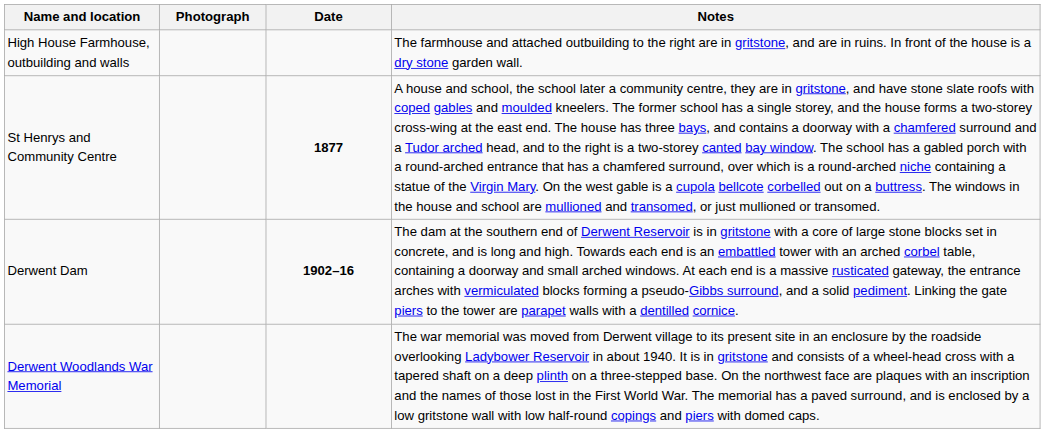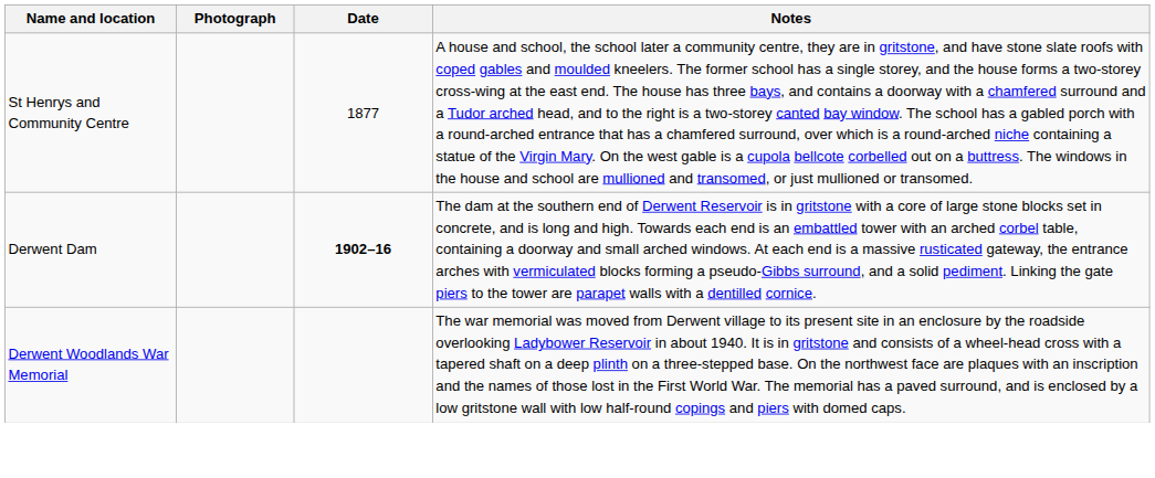 <table class="wikitable sortable plainrowheaders" style="width:100%;border:0px;text-align:left;line-height:150%;">
 <tr>
 <th scope="col"  style="width:150px">Name and location</th>
 <th scope="col"  style="width:100px" class="unsortable">Photograph</th>
 <th scope="col"  style="width:120px">Date</th>
 <th scope="col"  style="width:650px" class="unsortable">Notes</th>
 </tr>
 <tr>
-<td>High House Farmhouse, outbuilding and walls<br><small></small></td>
-<td></td>
-<td align="center"></td>
-<td>The farmhouse and attached outbuilding to the right are in <a href='#'>gritstone</a>, and are in ruins.  In front of the house is a <a href='#'>dry stone</a> garden wall.</td>
-</tr>
-<tr>
 <td>St Henrys and Community Centre<br><small></small></td>
 <td></td>
-<td align="center"><strong>1877</strong></td>
+<td align="center">1877</td>
 <td>A house and school, the school later a community centre, they are in <a href='#'>gritstone</a>, and have stone slate roofs with <a href='#'>coped</a> <a href='#'>gables</a> and <a href='#'>moulded</a> kneelers.  The former school has a single storey, and the house forms a two-storey cross-wing at the east end.  The house has three <a href='#'>bays</a>, and contains a doorway with a <a href='#'>chamfered</a> surround and a <a href='#'>Tudor arched</a> head, and to the right is a two-storey <a href='#'>canted</a> <a href='#'>bay window</a>.  The school has a gabled porch with a round-arched entrance that has a chamfered surround, over which is a round-arched <a href='#'>niche</a> containing a statue of the <a href='#'>Virgin Mary</a>.  On the west gable is a <a href='#'>cupola</a> <a href='#'>bellcote</a> <a href='#'>corbelled</a> out on a <a href='#'>buttress</a>.  The windows in the house and school are <a href='#'>mullioned</a> and <a href='#'>transomed</a>, or just mullioned or transomed.</td>
 </tr>
 <tr>
 <td>Derwent Dam<br><small></small></td>
 <td></td>
 <td align="center"><strong>1902–16</strong></td>
 <td>The dam at the southern end of <a href='#'>Derwent Reservoir</a> is in <a href='#'>gritstone</a> with a core of large stone blocks set in concrete, and is  long and  high.  Towards each end is an <a href='#'>embattled</a> tower with an arched <a href='#'>corbel</a> table, containing a doorway and small arched windows.  At each end is a massive <a href='#'>rusticated</a> gateway, the entrance arches with <a href='#'>vermiculated</a> blocks forming a pseudo-<a href='#'>Gibbs surround</a>, and a solid <a href='#'>pediment</a>.  Linking the gate <a href='#'>piers</a> to the tower are <a href='#'>parapet</a> walls with a <a href='#'>dentilled</a> <a href='#'>cornice</a>.</td>
 </tr>
 <tr>
 <td><a href='#'>Derwent Woodlands War Memorial</a><br><small></small></td>
 <td></td>
 <td align="center"></td>
 <td>The war memorial was moved from Derwent village to its present site in an enclosure by the roadside overlooking <a href='#'>Ladybower Reservoir</a> in about 1940.  It is in <a href='#'>gritstone</a> and consists of a wheel-head cross with a tapered shaft on a deep <a href='#'>plinth</a> on a three-stepped base.  On the northwest face are plaques with an inscription and the names of those lost in the First World War.  The memorial has a paved surround, and is enclosed by a low gritstone wall with low half-round <a href='#'>copings</a> and <a href='#'>piers</a> with domed caps.</td>
 </tr>
 <tr>
 </tr>
 </table>
